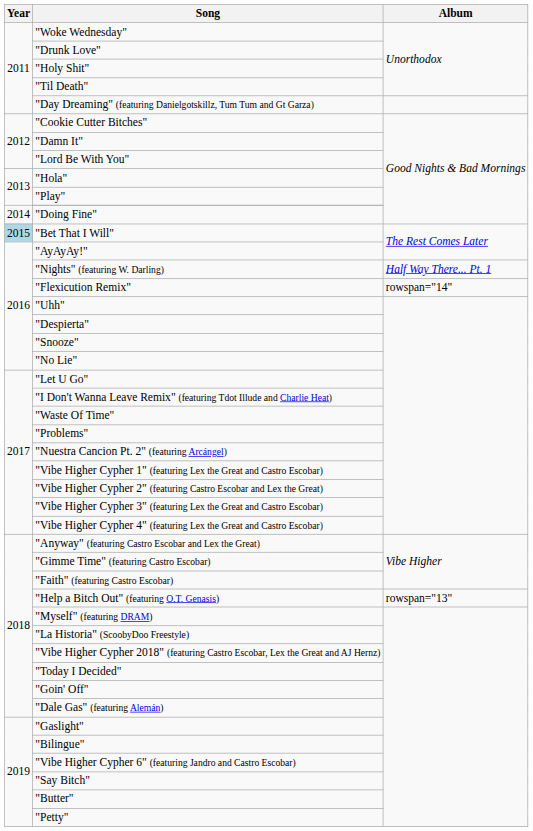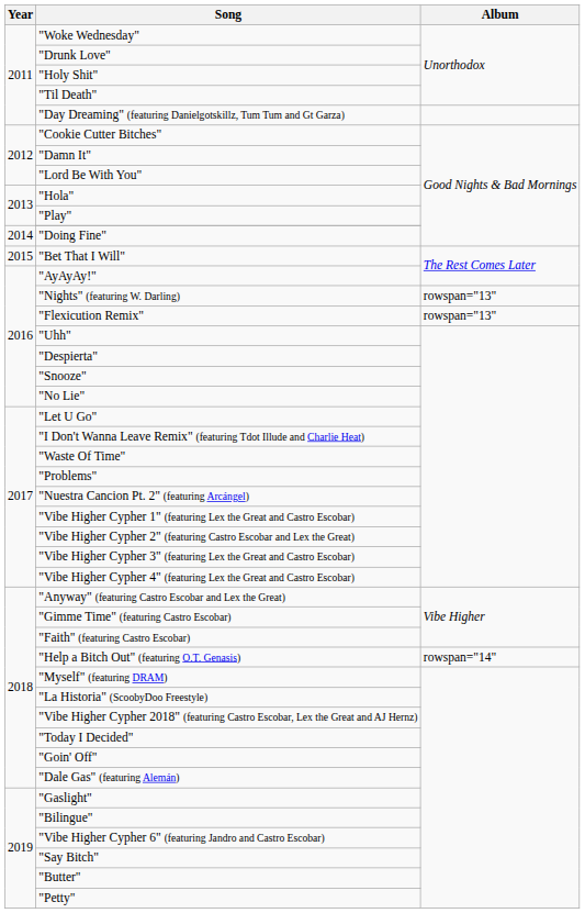 <table class="wikitable">
 <tr>
 <th>Year</th>
 <th>Song</th>
 <th>Album</th>
 </tr>
 <tr>
 <td style="text-align:center;" rowspan="5">2011</td>
 <td align="left">"Woke Wednesday"</td>
 <td rowspan="4"><em>Unorthodox</em></td>
 </tr>
 <tr>
 <td align="left">"Drunk Love"</td>
 </tr>
 <tr>
 <td align="left">"Holy Shit"</td>
 </tr>
 <tr>
 <td align="left">"Til Death"</td>
 </tr>
 <tr>
 <td align="left">"Day Dreaming" <small>(featuring Danielgotskillz, Tum Tum and Gt Garza)</small></td>
 <td></td>
 </tr>
 <tr>
 <td style="text-align:center;" rowspan="3">2012</td>
 <td align="left">"Cookie Cutter Bitches"</td>
 <td rowspan="7"><em>Good Nights & Bad Mornings</em></td>
 </tr>
 <tr>
 <td align="left">"Damn It"</td>
 </tr>
 <tr>
 <td align="left">"Lord Be With You"</td>
 </tr>
 <tr>
 <td style="text-align:center;" rowspan="2">2013</td>
 <td align="left">"Hola"</td>
 </tr>
 <tr>
 <td align="left">"Play"</td>
 </tr>
 <tr>
 <td style="text-align:center;" rowspan="2">2014</td>
 </tr>
 <tr>
 <td align="left">"Doing Fine"</td>
 </tr>
 <tr>
-<td style="background: lightblue; text-align:center;" rowspan="1">2015</td>
+<td style="text-align:center;" rowspan="1">2015</td>
 <td align="left">"Bet That I Will"</td>
 <td rowspan="2"><em><a href='#'>The Rest Comes Later</a></em></td>
 </tr>
 <tr>
 <td style="text-align:center;" rowspan="7">2016</td>
 <td align="left">"AyAyAy!"</td>
 </tr>
 <tr>
 <td align="left">"Nights" <small>(featuring W. Darling) </small></td>
-<td rowspan="1"><em><a href='#'>Half Way There... Pt. 1</a></em></td>
+<td>rowspan="13" </td>
 </tr>
 <tr>
 <td align="left">"Flexicution Remix"</td>
-<td>rowspan="14" </td>
+<td>rowspan="13" </td>
 </tr>
 <tr>
 <td align="left">"Uhh"</td>
 </tr>
 <tr>
 <td align="left">"Despierta"</td>
 </tr>
 <tr>
 <td align="left">"Snooze"</td>
 </tr>
 <tr>
 <td align="left">"No Lie"</td>
 </tr>
 <tr>
 <td style="text-align:center;" rowspan="9">2017</td>
 <td align="left">"Let U Go"</td>
 </tr>
 <tr>
 <td align="left">"I Don't Wanna Leave Remix" <small>(featuring Tdot Illude and <a href='#'>Charlie Heat</a>)</small></td>
 </tr>
 <tr>
 <td align="left">"Waste Of Time"</td>
 </tr>
 <tr>
 <td align="left">"Problems"</td>
 </tr>
 <tr>
 <td align="left">"Nuestra Cancion Pt. 2" <small>(featuring <a href='#'>Arcángel</a>)</small></td>
 </tr>
 <tr>
 <td align="left">"Vibe Higher Cypher 1" <small>(featuring Lex the Great and Castro Escobar)</small></td>
 </tr>
 <tr>
 <td align="left">"Vibe Higher Cypher 2" <small>(featuring Castro Escobar and Lex the Great)</small></td>
 </tr>
 <tr>
 <td align="left">"Vibe Higher Cypher 3" <small>(featuring Lex the Great and Castro Escobar)</small></td>
 </tr>
 <tr>
 <td align="left">"Vibe Higher Cypher 4" <small>(featuring Lex the Great and Castro Escobar)</small></td>
 </tr>
 <tr>
 <td style="text-align:center;" rowspan="10">2018</td>
 <td align="left">"Anyway" <small>(featuring Castro Escobar and Lex the Great)</small></td>
 <td rowspan="3"><em>Vibe Higher</em></td>
 </tr>
 <tr>
 <td align="left">"Gimme Time" <small>(featuring Castro Escobar)</small></td>
 </tr>
 <tr>
 <td align="left">"Faith" <small>(featuring Castro Escobar)</small></td>
 </tr>
 <tr>
 <td align="left">"Help a Bitch Out" <small>(featuring <a href='#'>O.T. Genasis</a>)</small></td>
-<td>rowspan="13" </td>
+<td>rowspan="14" </td>
 </tr>
 <tr>
 <td align="left">"Myself" <small>(featuring <a href='#'>DRAM</a>)</small></td>
 </tr>
 <tr>
 <td align="left">"La Historia" <small>(ScoobyDoo Freestyle)</small></td>
 </tr>
 <tr>
 <td align="left">"Vibe Higher Cypher 2018" <small>(featuring Castro Escobar, Lex the Great and AJ Hernz)</small></td>
 </tr>
 <tr>
 <td align="left">"Today I Decided"</td>
 </tr>
 <tr>
 <td align="left">"Goin' Off"</td>
 </tr>
 <tr>
 <td align="left">"Dale Gas" <small>(featuring <a href='#'>Alemán</a>)</small></td>
 </tr>
 <tr>
 <td style="text-align:center;" rowspan="6">2019</td>
 <td align="left">"Gaslight"</td>
 </tr>
 <tr>
 <td align="left">"Bilingue"</td>
 </tr>
 <tr>
 <td align="left">"Vibe Higher Cypher 6" <small>(featuring Jandro and Castro Escobar)</small></td>
 </tr>
 <tr>
 <td align="left">"Say Bitch"</td>
 </tr>
 <tr>
 <td align="left">"Butter"</td>
 </tr>
 <tr>
 <td align="left">"Petty"</td>
 </tr>
 </table>
